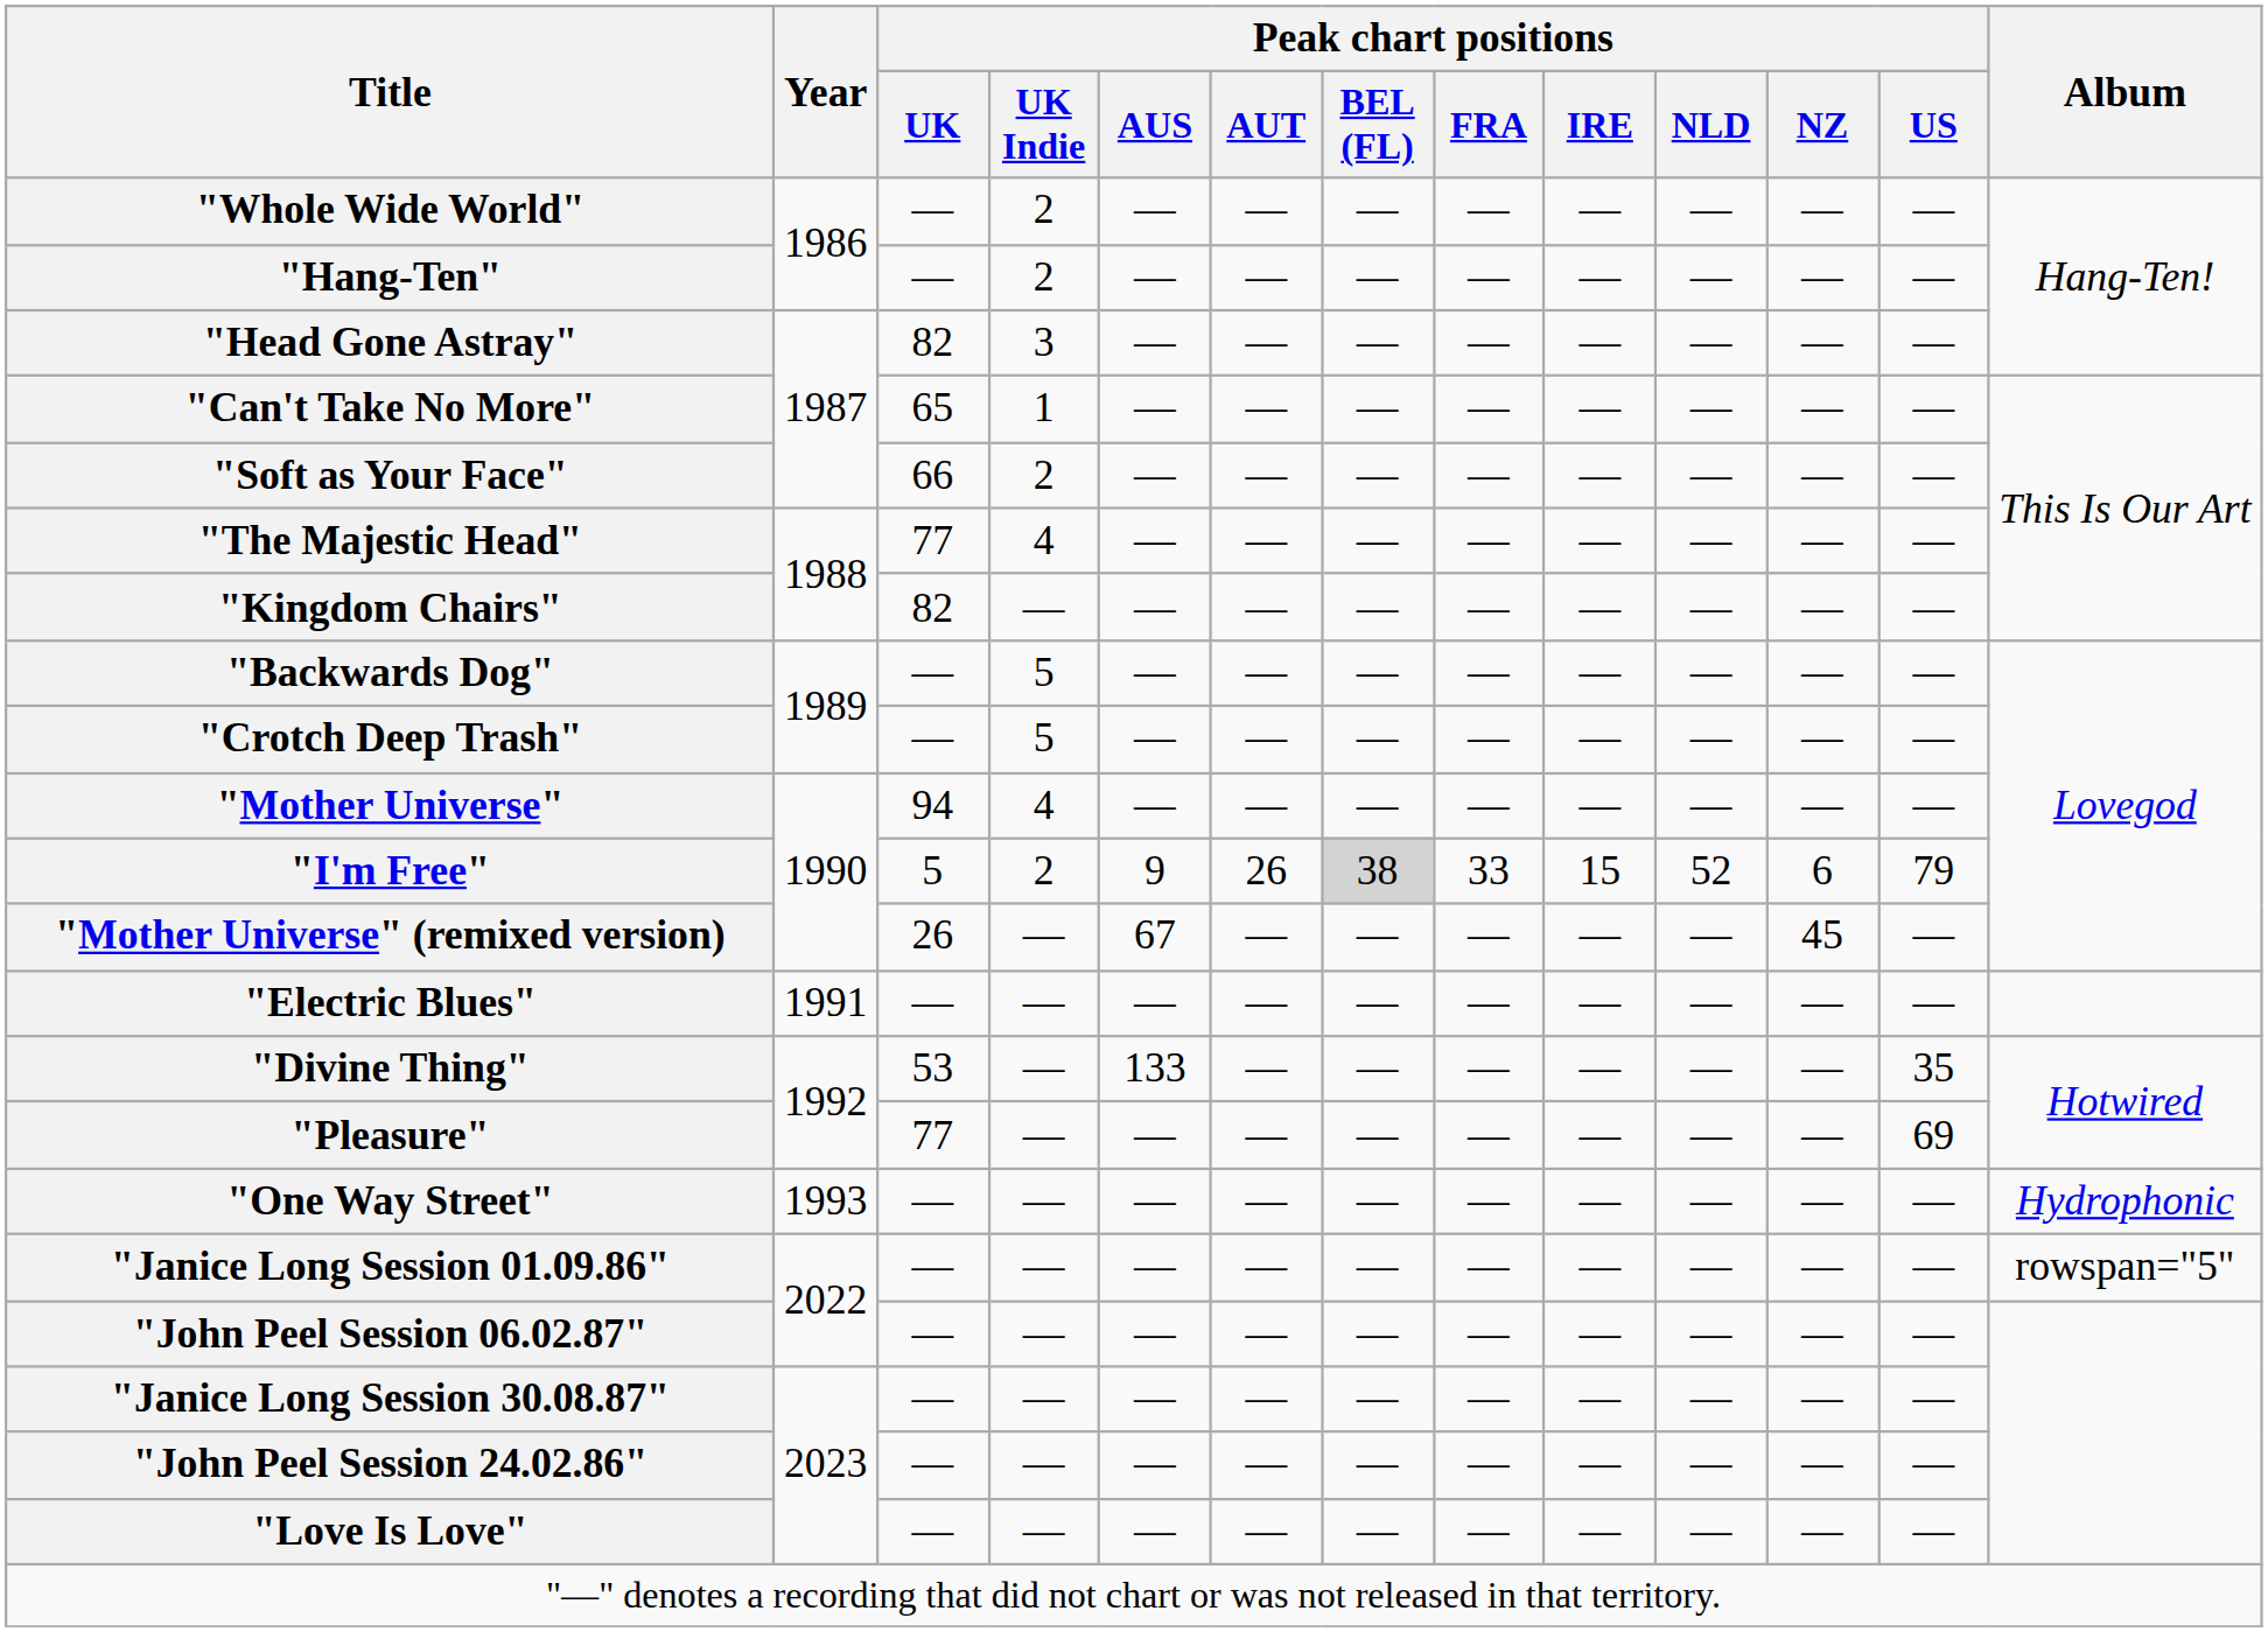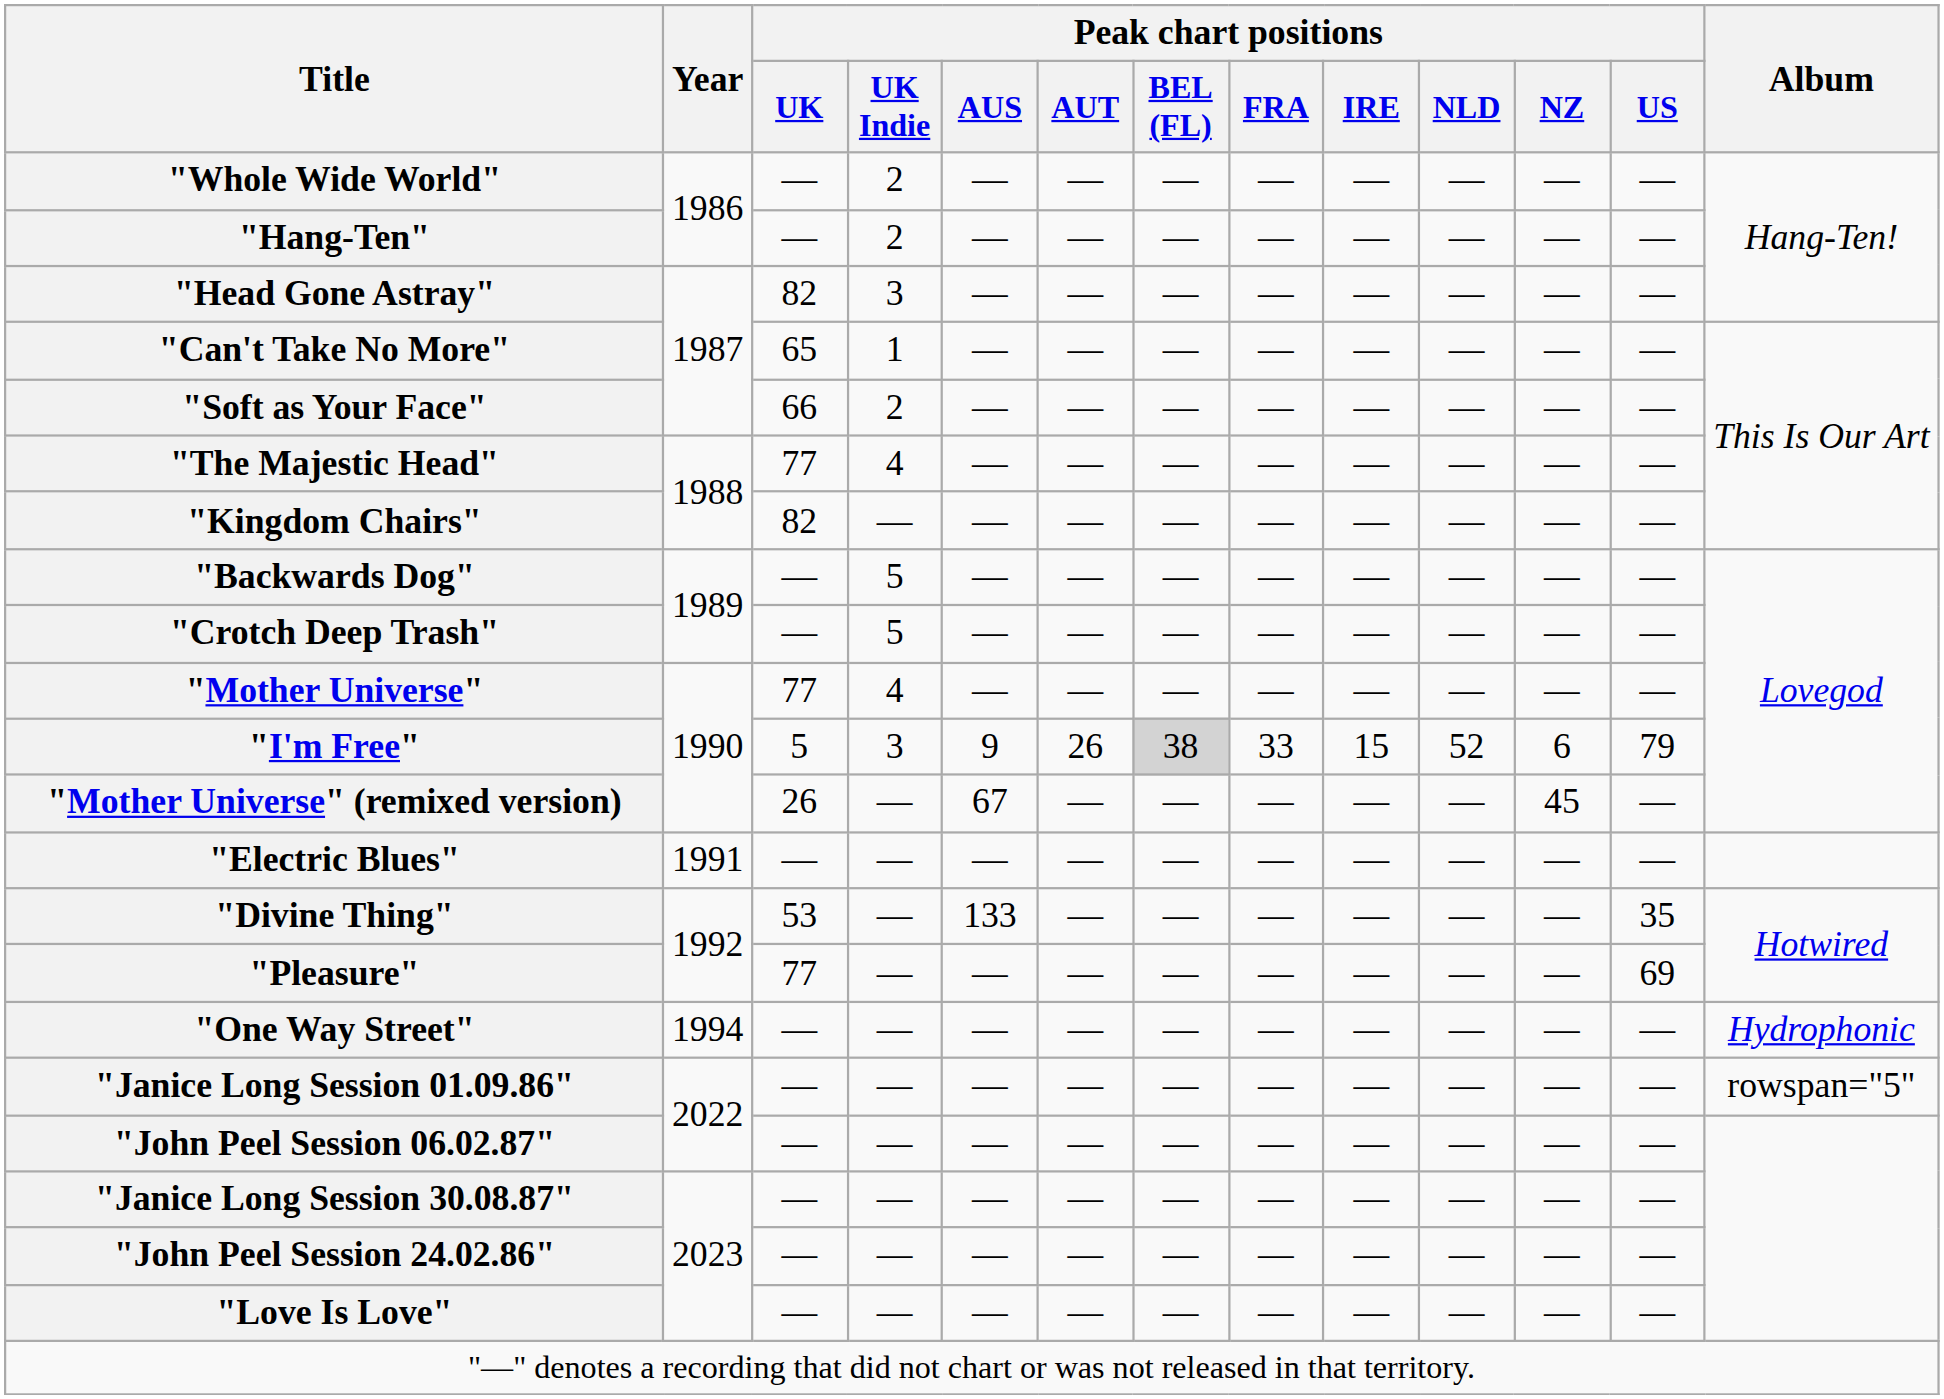 <table class="wikitable plainrowheaders" style="text-align:center;">
 <tr>
 <th scope="col" rowspan="2" style="width:18em;">Title</th>
 <th scope="col" rowspan="2">Year</th>
 <th scope="col" colspan="10">Peak chart positions</th>
 <th scope="col" rowspan="2">Album</th>
 </tr>
 <tr>
 <th scope="col" style="width:2.5em;font-size:90%"><a href='#'>UK</a><br></th>
 <th scope="col" style="width:2.5em;font-size:90%"><a href='#'>UK Indie</a></th>
 <th scope="col" style="width:2.5em;font-size:90%"><a href='#'>AUS</a><br></th>
 <th scope="col" style="width:2.5em;font-size:90%"><a href='#'>AUT</a><br></th>
 <th scope="col" style="width:2.5em;font-size:90%"><a href='#'>BEL<br>(FL)</a><br></th>
 <th scope="col" style="width:2.5em;font-size:90%"><a href='#'>FRA</a><br></th>
 <th scope="col" style="width:2.5em;font-size:90%"><a href='#'>IRE</a><br></th>
 <th scope="col" style="width:2.5em;font-size:90%"><a href='#'>NLD</a><br></th>
 <th scope="col" style="width:2.5em;font-size:90%"><a href='#'>NZ</a><br></th>
 <th scope="col" style="width:2.5em;font-size:90%"><a href='#'>US</a><br></th>
 </tr>
 <tr>
 <th scope="row">"Whole Wide World"</th>
 <td rowspan="2">1986</td>
 <td>—</td>
 <td>2</td>
 <td>—</td>
 <td>—</td>
 <td>—</td>
 <td>—</td>
 <td>—</td>
 <td>—</td>
 <td>—</td>
 <td>—</td>
 <td rowspan="3"><em>Hang-Ten!</em></td>
 </tr>
 <tr>
 <th scope="row">"Hang-Ten"</th>
 <td>—</td>
 <td>2</td>
 <td>—</td>
 <td>—</td>
 <td>—</td>
 <td>—</td>
 <td>—</td>
 <td>—</td>
 <td>—</td>
 <td>—</td>
 </tr>
 <tr>
 <th scope="row">"Head Gone Astray"</th>
 <td rowspan="3">1987</td>
 <td>82</td>
 <td>3</td>
 <td>—</td>
 <td>—</td>
 <td>—</td>
 <td>—</td>
 <td>—</td>
 <td>—</td>
 <td>—</td>
 <td>—</td>
 </tr>
 <tr>
 <th scope="row">"Can't Take No More"</th>
 <td>65</td>
 <td>1</td>
 <td>—</td>
 <td>—</td>
 <td>—</td>
 <td>—</td>
 <td>—</td>
 <td>—</td>
 <td>—</td>
 <td>—</td>
 <td rowspan="4"><em>This Is Our Art</em></td>
 </tr>
 <tr>
 <th scope="row">"Soft as Your Face"</th>
 <td>66</td>
 <td>2</td>
 <td>—</td>
 <td>—</td>
 <td>—</td>
 <td>—</td>
 <td>—</td>
 <td>—</td>
 <td>—</td>
 <td>—</td>
 </tr>
 <tr>
 <th scope="row">"The Majestic Head"</th>
 <td rowspan="2">1988</td>
 <td>77</td>
 <td>4</td>
 <td>—</td>
 <td>—</td>
 <td>—</td>
 <td>—</td>
 <td>—</td>
 <td>—</td>
 <td>—</td>
 <td>—</td>
 </tr>
 <tr>
 <th scope="row">"Kingdom Chairs"</th>
 <td>82</td>
 <td>—</td>
 <td>—</td>
 <td>—</td>
 <td>—</td>
 <td>—</td>
 <td>—</td>
 <td>—</td>
 <td>—</td>
 <td>—</td>
 </tr>
 <tr>
 <th scope="row">"Backwards Dog"</th>
 <td rowspan="2">1989</td>
 <td>—</td>
 <td>5</td>
 <td>—</td>
 <td>—</td>
 <td>—</td>
 <td>—</td>
 <td>—</td>
 <td>—</td>
 <td>—</td>
 <td>—</td>
 <td rowspan="5"><em><a href='#'>Lovegod</a></em></td>
 </tr>
 <tr>
 <th scope="row">"Crotch Deep Trash"</th>
 <td>—</td>
 <td>5</td>
 <td>—</td>
 <td>—</td>
 <td>—</td>
 <td>—</td>
 <td>—</td>
 <td>—</td>
 <td>—</td>
 <td>—</td>
 </tr>
 <tr>
 <th scope="row">"<a href='#'>Mother Universe</a>"</th>
 <td rowspan="3">1990</td>
-<td>94</td>
+<td>77</td>
 <td>4</td>
 <td>—</td>
 <td>—</td>
 <td>—</td>
 <td>—</td>
 <td>—</td>
 <td>—</td>
 <td>—</td>
 <td>—</td>
 </tr>
 <tr>
 <th scope="row">"<a href='#'>I'm Free</a>"</th>
 <td>5</td>
-<td>2</td>
+<td>3</td>
 <td>9</td>
 <td>26</td>
 <td style="background: lightgrey;">38</td>
 <td>33</td>
 <td>15</td>
 <td>52</td>
 <td>6</td>
 <td>79</td>
 </tr>
 <tr>
 <th scope="row">"<a href='#'>Mother Universe</a>" (remixed version)</th>
 <td>26</td>
 <td>—</td>
 <td>67</td>
 <td>—</td>
 <td>—</td>
 <td>—</td>
 <td>—</td>
 <td>—</td>
 <td>45</td>
 <td>—</td>
 </tr>
 <tr>
 <th scope="row">"Electric Blues"</th>
 <td>1991</td>
 <td>—</td>
 <td>—</td>
 <td>—</td>
 <td>—</td>
 <td>—</td>
 <td>—</td>
 <td>—</td>
 <td>—</td>
 <td>—</td>
 <td>—</td>
 <td></td>
 </tr>
 <tr>
 <th scope="row">"Divine Thing"</th>
 <td rowspan="2">1992</td>
 <td>53</td>
 <td>—</td>
 <td>133</td>
 <td>—</td>
 <td>—</td>
 <td>—</td>
 <td>—</td>
 <td>—</td>
 <td>—</td>
 <td>35</td>
 <td rowspan="2"><em><a href='#'>Hotwired</a></em></td>
 </tr>
 <tr>
 <th scope="row">"Pleasure"</th>
 <td>77</td>
 <td>—</td>
 <td>—</td>
 <td>—</td>
 <td>—</td>
 <td>—</td>
 <td>—</td>
 <td>—</td>
 <td>—</td>
 <td>69</td>
 </tr>
 <tr>
 <th scope="row">"One Way Street"</th>
-<td>1993</td>
+<td>1994</td>
 <td>—</td>
 <td>—</td>
 <td>—</td>
 <td>—</td>
 <td>—</td>
 <td>—</td>
 <td>—</td>
 <td>—</td>
 <td>—</td>
 <td>—</td>
 <td><em><a href='#'>Hydrophonic</a></em></td>
 </tr>
 <tr>
 <th scope="row">"Janice Long Session 01.09.86"</th>
 <td rowspan="2">2022</td>
 <td>—</td>
 <td>—</td>
 <td>—</td>
 <td>—</td>
 <td>—</td>
 <td>—</td>
 <td>—</td>
 <td>—</td>
 <td>—</td>
 <td>—</td>
 <td>rowspan="5" </td>
 </tr>
 <tr>
 <th scope="row">"John Peel Session 06.02.87"</th>
 <td>—</td>
 <td>—</td>
 <td>—</td>
 <td>—</td>
 <td>—</td>
 <td>—</td>
 <td>—</td>
 <td>—</td>
 <td>—</td>
 <td>—</td>
 </tr>
 <tr>
 <th scope="row">"Janice Long Session 30.08.87"</th>
 <td rowspan="3">2023</td>
 <td>—</td>
 <td>—</td>
 <td>—</td>
 <td>—</td>
 <td>—</td>
 <td>—</td>
 <td>—</td>
 <td>—</td>
 <td>—</td>
 <td>—</td>
 </tr>
 <tr>
 <th scope="row">"John Peel Session 24.02.86"</th>
 <td>—</td>
 <td>—</td>
 <td>—</td>
 <td>—</td>
 <td>—</td>
 <td>—</td>
 <td>—</td>
 <td>—</td>
 <td>—</td>
 <td>—</td>
 </tr>
 <tr>
 <th scope="row">"Love Is Love"</th>
 <td>—</td>
 <td>—</td>
 <td>—</td>
 <td>—</td>
 <td>—</td>
 <td>—</td>
 <td>—</td>
 <td>—</td>
 <td>—</td>
 <td>—</td>
 </tr>
 <tr>
 <td colspan="15" style="font-size:90%;">"—" denotes a recording that did not chart or was not released in that territory.</td>
 </tr>
 </table>
